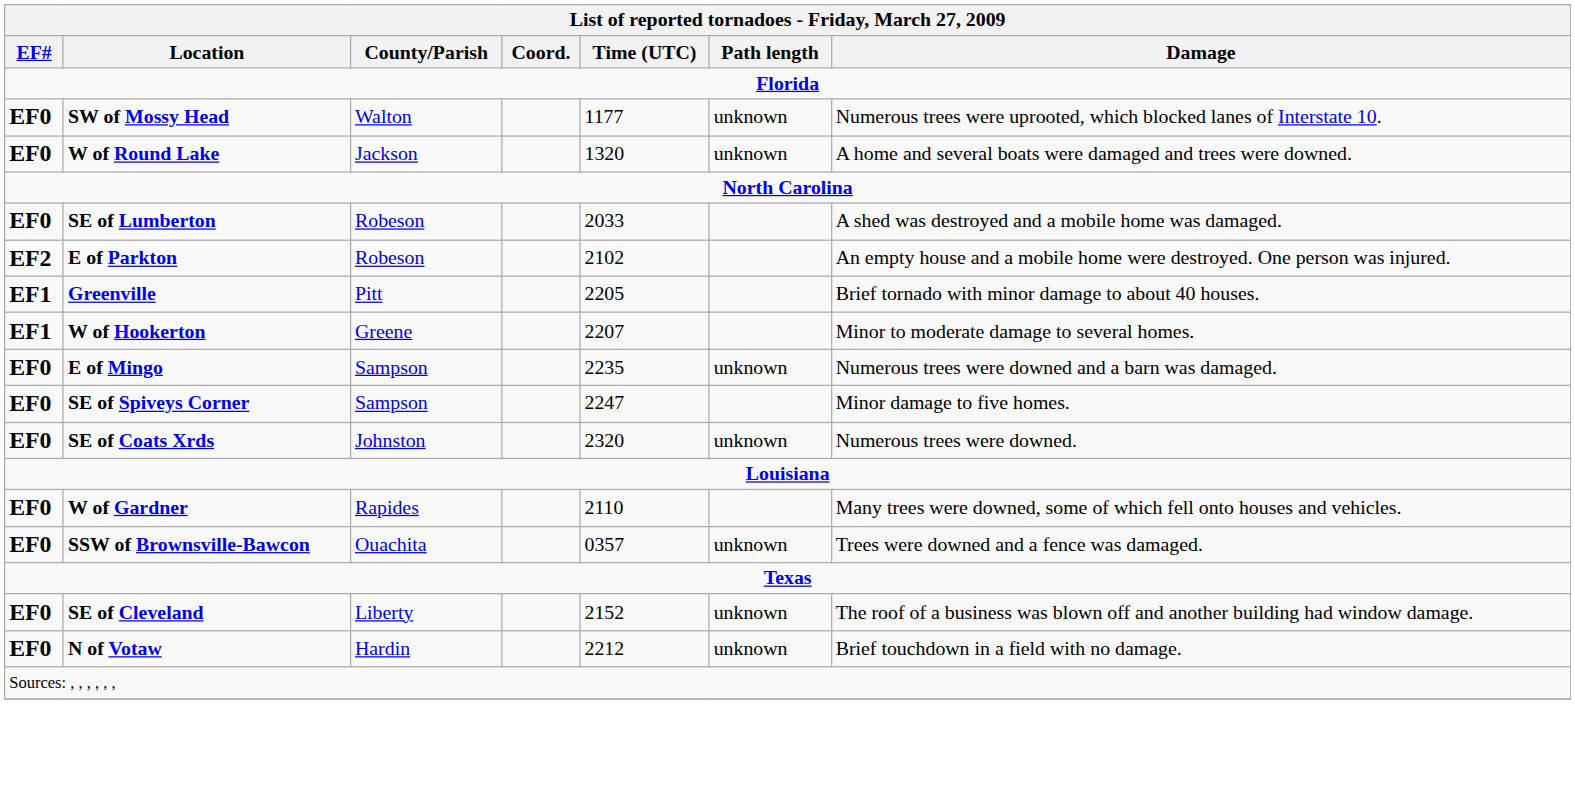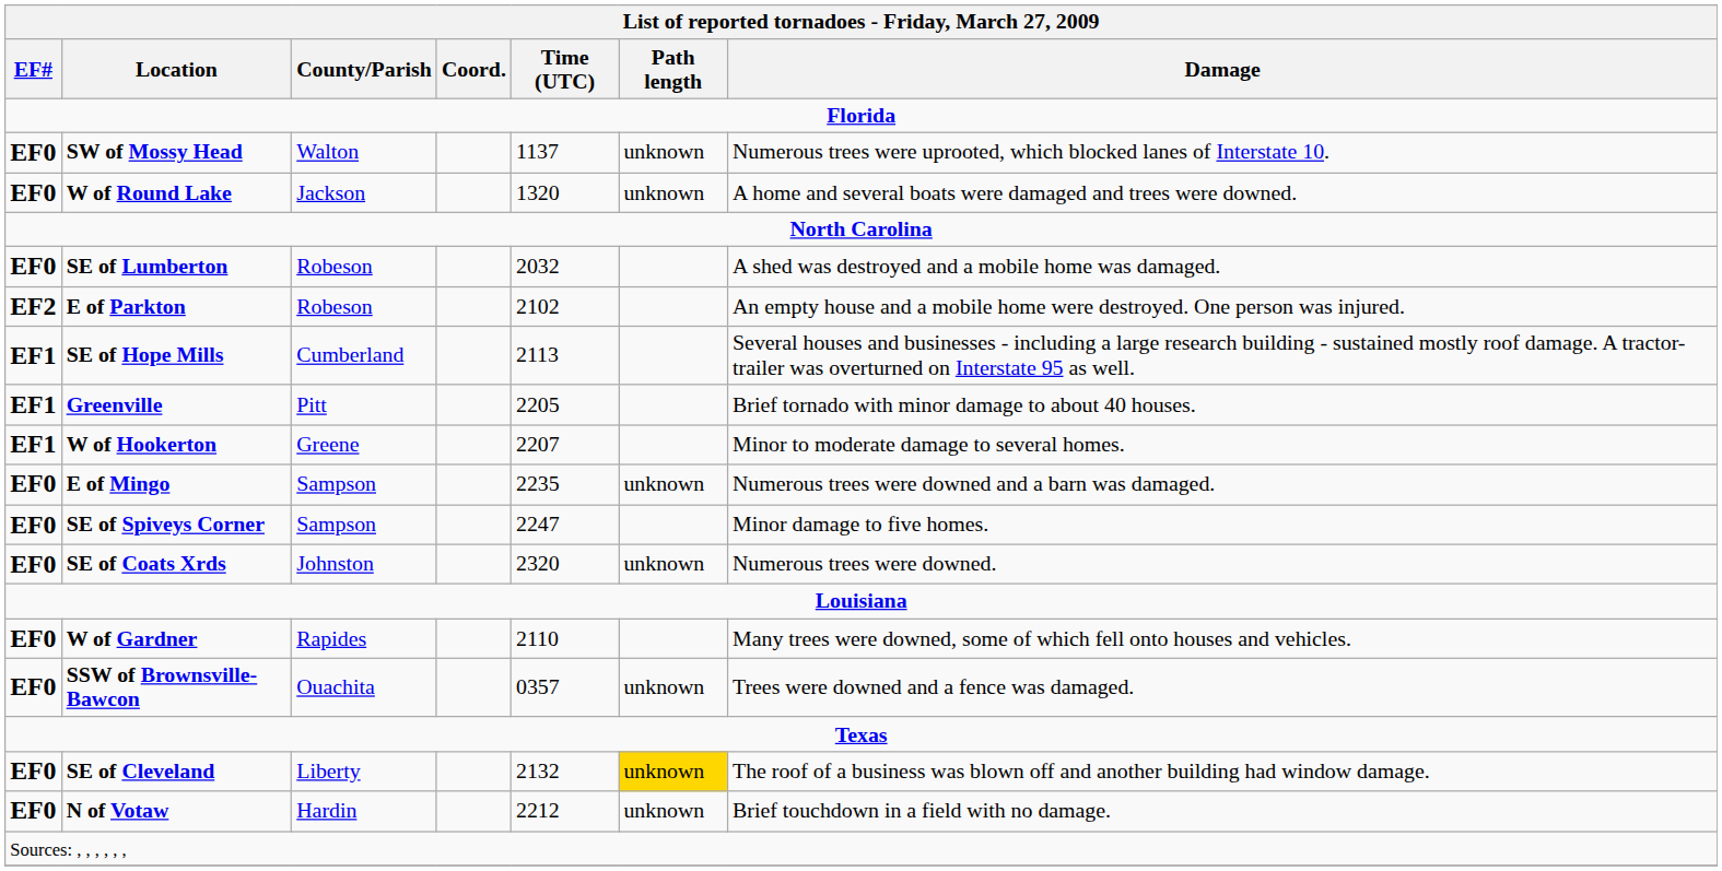 <table class="wikitable collapsible" width="100%">
 <tr>
 <th colspan="7">List of reported tornadoes - Friday, March 27, 2009</th>
 </tr>
 <tr>
 <th><a href='#'>EF#</a></th>
 <th>Location</th>
 <th>County/Parish</th>
 <th>Coord.</th>
 <th>Time (UTC)</th>
 <th>Path length</th>
 <th>Damage</th>
 </tr>
 <tr>
 <td colspan="7" align=center><strong><a href='#'>Florida</a></strong></td>
 </tr>
 <tr>
 <td><big><strong>EF0</strong></big></td>
 <td><strong>SW of <a href='#'>Mossy Head</a></strong></td>
 <td><a href='#'>Walton</a></td>
 <td></td>
-<td>1177</td>
+<td>1137</td>
 <td>unknown</td>
 <td>Numerous trees were uprooted, which blocked lanes of <a href='#'>Interstate 10</a>.</td>
 </tr>
 <tr>
 <td><big><strong>EF0</strong></big></td>
 <td><strong>W of <a href='#'>Round Lake</a></strong></td>
 <td><a href='#'>Jackson</a></td>
 <td></td>
 <td>1320</td>
 <td>unknown</td>
 <td>A home and several boats were damaged and trees were downed.</td>
 </tr>
 <tr>
 <td colspan="7" align=center><strong><a href='#'>North Carolina</a></strong></td>
 </tr>
 <tr>
 <td><big><strong>EF0</strong></big></td>
 <td><strong>SE of <a href='#'>Lumberton</a></strong></td>
 <td><a href='#'>Robeson</a></td>
 <td></td>
-<td>2033</td>
+<td>2032</td>
 <td></td>
 <td>A shed was destroyed and a mobile home was damaged.</td>
 </tr>
 <tr>
 <td><big><strong>EF2</strong></big></td>
 <td><strong>E of <a href='#'>Parkton</a></strong></td>
 <td><a href='#'>Robeson</a></td>
 <td></td>
 <td>2102</td>
 <td></td>
 <td>An empty house and a mobile home were destroyed. One person was injured.</td>
+</tr>
+<tr>
+<td><big><strong>EF1</strong></big></td>
+<td><strong>SE of <a href='#'>Hope Mills</a></strong></td>
+<td><a href='#'>Cumberland</a></td>
+<td></td>
+<td>2113</td>
+<td></td>
+<td>Several houses and businesses - including a large research building - sustained mostly roof damage. A tractor-trailer was overturned on <a href='#'>Interstate 95</a> as well.</td>
 </tr>
 <tr>
 <td><big><strong>EF1</strong></big></td>
 <td><strong><a href='#'>Greenville</a></strong></td>
 <td><a href='#'>Pitt</a></td>
 <td></td>
 <td>2205</td>
 <td></td>
 <td>Brief tornado with minor damage to about 40 houses.</td>
 </tr>
 <tr>
 <td><big><strong>EF1</strong></big></td>
 <td><strong>W of <a href='#'>Hookerton</a></strong></td>
 <td><a href='#'>Greene</a></td>
 <td></td>
 <td>2207</td>
 <td></td>
 <td>Minor to moderate damage to several homes.</td>
 </tr>
 <tr>
 <td><big><strong>EF0</strong></big></td>
 <td><strong>E of <a href='#'>Mingo</a></strong></td>
 <td><a href='#'>Sampson</a></td>
 <td></td>
 <td>2235</td>
 <td>unknown</td>
 <td>Numerous trees were downed and a barn was damaged.</td>
 </tr>
 <tr>
 <td><big><strong>EF0</strong></big></td>
 <td><strong>SE of <a href='#'>Spiveys Corner</a></strong></td>
 <td><a href='#'>Sampson</a></td>
 <td></td>
 <td>2247</td>
 <td></td>
 <td>Minor damage to five homes.</td>
 </tr>
 <tr>
 <td><big><strong>EF0</strong></big></td>
 <td><strong>SE of <a href='#'>Coats Xrds</a></strong></td>
 <td><a href='#'>Johnston</a></td>
 <td></td>
 <td>2320</td>
 <td>unknown</td>
 <td>Numerous trees were downed.</td>
 </tr>
 <tr>
 <td colspan="7" align=center><strong><a href='#'>Louisiana</a></strong></td>
 </tr>
 <tr>
 <td><big><strong>EF0</strong></big></td>
 <td><strong>W of <a href='#'>Gardner</a></strong></td>
 <td><a href='#'>Rapides</a></td>
 <td></td>
 <td>2110</td>
 <td></td>
 <td>Many trees were downed, some of which fell onto houses and vehicles.</td>
 </tr>
 <tr>
 <td><big><strong>EF0</strong></big></td>
 <td><strong>SSW of <a href='#'>Brownsville-Bawcon</a></strong></td>
 <td><a href='#'>Ouachita</a></td>
 <td></td>
 <td>0357</td>
 <td>unknown</td>
 <td>Trees were downed and a fence was damaged.</td>
 </tr>
 <tr>
 <td colspan="7" align=center><strong><a href='#'>Texas</a></strong></td>
 </tr>
 <tr>
 <td><big><strong>EF0</strong></big></td>
 <td><strong>SE of <a href='#'>Cleveland</a></strong></td>
 <td><a href='#'>Liberty</a></td>
 <td></td>
-<td>2152</td>
-<td>unknown</td>
+<td>2132</td>
+<td style="background: gold;">unknown</td>
 <td>The roof of a business was blown off and another building had window damage.</td>
 </tr>
 <tr>
 <td><big><strong>EF0</strong></big></td>
 <td><strong>N of <a href='#'>Votaw</a></strong></td>
 <td><a href='#'>Hardin</a></td>
 <td></td>
 <td>2212</td>
 <td>unknown</td>
 <td>Brief touchdown in a field with no damage.</td>
 </tr>
 <tr>
 <td colspan="7"><small>Sources: , , , , , , </small></td>
 </tr>
 <tr>
 </tr>
 </table>
